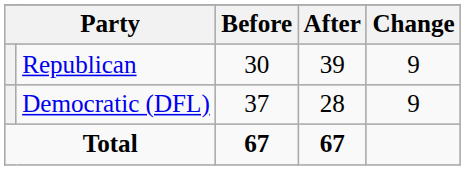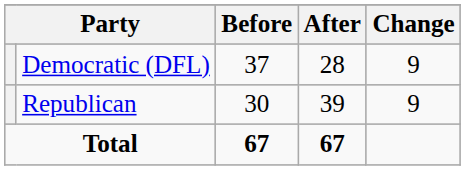 <table class="wikitable" style="text-align:center;">
 <tr>
 </tr>
 <tr>
 <th colspan=2>Party</th>
 <th>Before</th>
 <th>After</th>
 <th>Change</th>
 </tr>
 <tr>
 <th style="background-color:"></th>
-<td style="text-align:left;"><a href='#'>Republican</a></td>
-<td>30</td>
-<td>39</td>
+<td style="text-align:left;"><a href='#'>Democratic (DFL)</a></td>
+<td>37</td>
+<td>28</td>
 <td> 9</td>
 </tr>
 <tr>
 <th style="background-color:"></th>
-<td style="text-align:left;"><a href='#'>Democratic (DFL)</a></td>
-<td>37</td>
-<td>28</td>
+<td style="text-align:left;"><a href='#'>Republican</a></td>
+<td>30</td>
+<td>39</td>
 <td> 9</td>
 </tr>
 <tr>
 <td colspan=2><strong>Total</strong></td>
 <td><strong>67</strong></td>
 <td><strong>67</strong></td>
 <td></td>
 </tr>
 </table>
